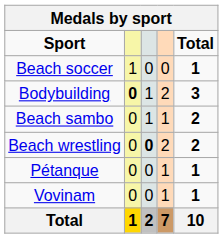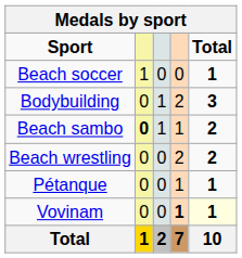 <table class="wikitable" style="font-size:95%; float:right;">
 <tr style="background:#efefef;">
 <th colspan=7>Medals by sport</th>
 </tr>
 <tr align=center>
 <td><strong>Sport</strong></td>
 <td style="background:#f7f6a8;"></td>
 <td style="background:#dce5e5;"></td>
 <td style="background:#ffdab9;"></td>
 <td><strong>Total</strong></td>
 </tr>
 <tr align=center>
 <td><a href='#'>Beach soccer</a></td>
 <td style="background:#F7F6A8;">1</td>
 <td style="background:#DCE5E5;">0</td>
 <td style="background:#FFDAB9;">0</td>
 <td><strong>1</strong></td>
 </tr>
 <tr align=center>
 <td><a href='#'>Bodybuilding</a></td>
-<td style="background:#F7F6A8;"><strong>0</strong></td>
+<td style="background:#F7F6A8;">0</td>
 <td style="background:#DCE5E5;">1</td>
 <td style="background:#FFDAB9;">2</td>
 <td><strong>3</strong></td>
 </tr>
 <tr align=center>
 <td><a href='#'>Beach sambo</a></td>
-<td style="background:#F7F6A8;">0</td>
+<td style="background:#F7F6A8;"><strong>0</strong></td>
 <td style="background:#DCE5E5;">1</td>
 <td style="background:#FFDAB9;">1</td>
 <td><strong>2</strong></td>
 </tr>
 <tr align=center>
 <td><a href='#'>Beach wrestling</a></td>
 <td style="background:#F7F6A8;">0</td>
-<td style="background:#DCE5E5;"><strong>0</strong></td>
+<td style="background:#DCE5E5;">0</td>
 <td style="background:#FFDAB9;">2</td>
 <td><strong>2</strong></td>
 </tr>
 <tr align=center>
 <td><a href='#'>Pétanque</a></td>
 <td style="background:#F7F6A8;">0</td>
 <td style="background:#DCE5E5;">0</td>
 <td style="background:#FFDAB9;">1</td>
 <td><strong>1</strong></td>
 </tr>
 <tr align=center>
 <td><a href='#'>Vovinam</a></td>
 <td style="background:#F7F6A8;">0</td>
 <td style="background:#DCE5E5;">0</td>
-<td style="background:#FFDAB9;">1</td>
-<td><strong>1</strong></td>
+<td style="background:#FFDAB9;"><strong>1</strong></td>
+<td style="background: lightyellow;"><strong>1</strong></td>
 </tr>
 <tr align=center>
 <th>Total</th>
 <th style="background:gold;">1</th>
 <th style="background:silver;">2</th>
 <th style="background:#c96;">7</th>
 <th>10</th>
 </tr>
 </table>
